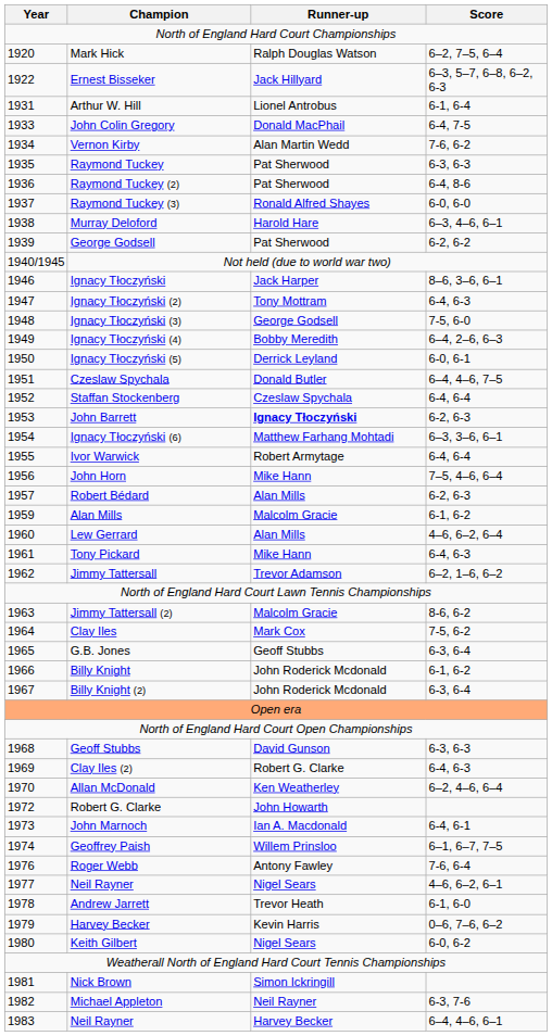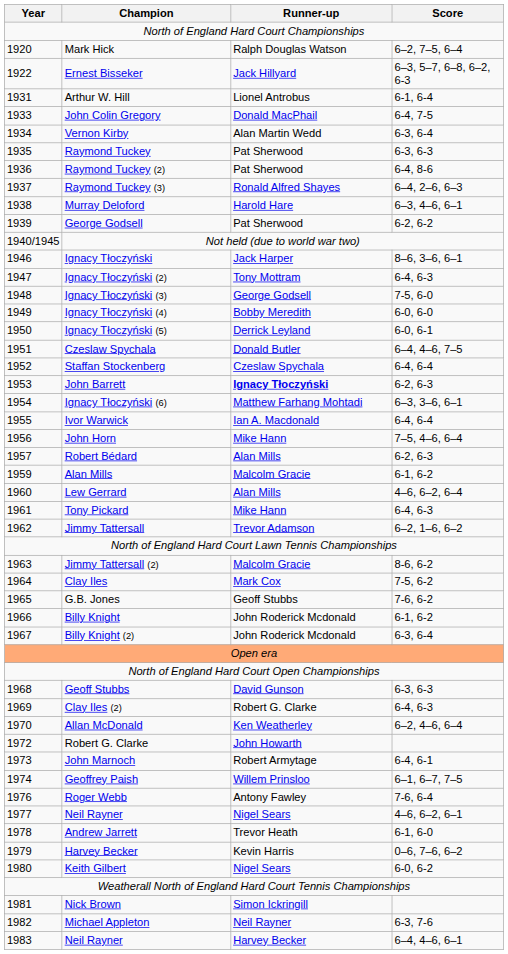 <table class=wikitable style=font-size:98%>
 <tr>
 <th width="30">Year</th>
 <th width="230">Champion</th>
 <th width="220">Runner-up</th>
 <th width="150">Score</th>
 </tr>
 <tr>
 <td colspan=4 align=center><em>North of England Hard Court Championships</em></td>
 </tr>
 <tr>
 <td>1920</td>
 <td> Mark Hick</td>
 <td> Ralph Douglas Watson</td>
 <td>6–2, 7–5, 6–4</td>
 </tr>
 <tr>
 <td>1922</td>
 <td> <a href='#'>Ernest Bisseker</a></td>
 <td> <a href='#'>Jack Hillyard</a></td>
 <td>6–3, 5–7, 6–8, 6–2, 6-3</td>
 </tr>
 <tr>
 <td>1931</td>
 <td> Arthur W. Hill</td>
 <td> Lionel Antrobus</td>
 <td>6-1, 6-4</td>
 </tr>
 <tr>
 <td>1933</td>
 <td> <a href='#'>John Colin Gregory</a></td>
 <td> <a href='#'>Donald MacPhail</a></td>
 <td>6-4, 7-5</td>
 </tr>
 <tr>
 <td>1934</td>
 <td> <a href='#'>Vernon Kirby</a></td>
 <td> Alan Martin Wedd</td>
-<td>7-6, 6-2</td>
+<td>6-3, 6-4</td>
 </tr>
 <tr>
 <td>1935</td>
 <td> <a href='#'>Raymond Tuckey</a></td>
 <td> Pat Sherwood</td>
 <td>6-3, 6-3</td>
 </tr>
 <tr>
 <td>1936</td>
 <td> <a href='#'>Raymond Tuckey</a> <small>(2)</small></td>
 <td> Pat Sherwood</td>
 <td>6-4, 8-6</td>
 </tr>
 <tr>
 <td>1937</td>
 <td> <a href='#'>Raymond Tuckey</a> <small>(3)</small></td>
 <td> <a href='#'>Ronald Alfred Shayes</a></td>
-<td>6-0, 6-0</td>
+<td>6–4, 2–6, 6–3</td>
 </tr>
 <tr>
 <td>1938</td>
 <td> <a href='#'>Murray Deloford</a></td>
 <td> <a href='#'>Harold Hare</a></td>
 <td>6–3, 4–6, 6–1</td>
 </tr>
 <tr>
 <td>1939</td>
 <td> <a href='#'>George Godsell</a></td>
 <td> Pat Sherwood</td>
 <td>6-2, 6-2</td>
 </tr>
 <tr>
 <td>1940/1945</td>
 <td colspan=4 align=center><em>Not held (due to world war two)</em></td>
 </tr>
 <tr>
 <td>1946</td>
 <td> <a href='#'>Ignacy Tłoczyński</a></td>
 <td> <a href='#'>Jack Harper</a></td>
 <td>8–6, 3–6, 6–1</td>
 </tr>
 <tr>
 <td>1947</td>
 <td> <a href='#'>Ignacy Tłoczyński</a> <small>(2)</small></td>
 <td> <a href='#'>Tony Mottram</a></td>
 <td>6-4, 6-3</td>
 </tr>
 <tr>
 <td>1948</td>
 <td> <a href='#'>Ignacy Tłoczyński</a> <small>(3)</small></td>
 <td> <a href='#'>George Godsell</a></td>
 <td>7-5, 6-0</td>
 </tr>
 <tr>
 <td>1949</td>
 <td> <a href='#'>Ignacy Tłoczyński</a> <small>(4)</small></td>
 <td> <a href='#'>Bobby Meredith</a></td>
-<td>6–4, 2–6, 6–3</td>
+<td>6-0, 6-0</td>
 </tr>
 <tr>
 <td>1950</td>
 <td> <a href='#'>Ignacy Tłoczyński</a> <small>(5)</small></td>
 <td> <a href='#'>Derrick Leyland</a></td>
 <td>6-0, 6-1</td>
 </tr>
 <tr>
 <td>1951</td>
 <td> <a href='#'>Czeslaw Spychala</a></td>
 <td> <a href='#'>Donald Butler</a></td>
 <td>6–4, 4–6, 7–5</td>
 </tr>
 <tr>
 <td>1952</td>
 <td> <a href='#'>Staffan Stockenberg</a></td>
 <td> <a href='#'>Czeslaw Spychala</a></td>
 <td>6-4, 6-4</td>
 </tr>
 <tr>
 <td>1953</td>
 <td> <a href='#'>John Barrett</a></td>
 <td><strong> <a href='#'>Ignacy Tłoczyński</a></strong></td>
 <td>6-2, 6-3</td>
 </tr>
 <tr>
 <td>1954</td>
 <td> <a href='#'>Ignacy Tłoczyński</a> <small>(6)</small></td>
 <td> <a href='#'>Matthew Farhang Mohtadi</a></td>
 <td>6–3, 3–6, 6–1</td>
 </tr>
 <tr>
 <td>1955</td>
 <td> <a href='#'>Ivor Warwick</a></td>
-<td> Robert Armytage</td>
+<td> <a href='#'>Ian A. Macdonald</a></td>
 <td>6-4, 6-4</td>
 </tr>
 <tr>
 <td>1956</td>
 <td> <a href='#'>John Horn</a></td>
 <td> <a href='#'>Mike Hann</a></td>
 <td>7–5, 4–6, 6–4</td>
 </tr>
 <tr>
 <td>1957</td>
 <td> <a href='#'>Robert Bédard</a></td>
 <td> <a href='#'>Alan Mills</a></td>
 <td>6-2, 6-3</td>
 </tr>
 <tr>
 <td>1959</td>
 <td> <a href='#'>Alan Mills</a></td>
 <td> <a href='#'>Malcolm Gracie</a></td>
 <td>6-1, 6-2</td>
 </tr>
 <tr>
 <td>1960</td>
 <td> <a href='#'>Lew Gerrard</a></td>
 <td> <a href='#'>Alan Mills</a></td>
 <td>4–6, 6–2, 6–4</td>
 </tr>
 <tr>
 <td>1961</td>
 <td>  <a href='#'>Tony Pickard</a></td>
 <td> <a href='#'>Mike Hann</a></td>
 <td>6-4, 6-3</td>
 </tr>
 <tr>
 <td>1962</td>
 <td> <a href='#'>Jimmy Tattersall</a></td>
 <td> <a href='#'>Trevor Adamson</a></td>
 <td>6–2, 1–6, 6–2</td>
 </tr>
 <tr>
 <td colspan=4 align=center><em>North of England Hard Court Lawn Tennis Championships</em></td>
 </tr>
 <tr>
 <td>1963</td>
 <td> <a href='#'>Jimmy Tattersall</a> <small>(2)</small></td>
 <td> <a href='#'>Malcolm Gracie</a></td>
 <td>8-6, 6-2</td>
 </tr>
 <tr>
 <td>1964</td>
 <td> <a href='#'>Clay Iles</a></td>
 <td> <a href='#'>Mark Cox</a></td>
 <td>7-5, 6-2</td>
 </tr>
 <tr>
 <td>1965</td>
 <td> G.B. Jones</td>
 <td> Geoff Stubbs</td>
-<td>6-3, 6-4</td>
+<td>7-6, 6-2</td>
 </tr>
 <tr>
 <td>1966</td>
 <td> <a href='#'>Billy Knight</a></td>
 <td> John Roderick Mcdonald</td>
 <td>6-1, 6-2</td>
 </tr>
 <tr>
 <td>1967</td>
 <td> <a href='#'>Billy Knight</a> <small>(2)</small></td>
 <td> John Roderick Mcdonald</td>
 <td>6-3, 6-4</td>
 </tr>
 <tr style=background-color:#ffaa77>
 <td colspan=4 align=center><em>Open era </em></td>
 </tr>
 <tr>
 <td colspan=4 align=center><em>North of England Hard Court Open Championships</em></td>
 </tr>
 <tr>
 <td>1968</td>
 <td> <a href='#'>Geoff Stubbs</a></td>
 <td> <a href='#'>David Gunson</a></td>
 <td>6-3, 6-3</td>
 </tr>
 <tr>
 <td>1969</td>
 <td> <a href='#'>Clay Iles</a> <small>(2)</small></td>
 <td> Robert G. Clarke</td>
 <td>6-4, 6-3</td>
 </tr>
 <tr>
 <td>1970</td>
 <td> <a href='#'>Allan McDonald</a></td>
 <td> <a href='#'>Ken Weatherley</a></td>
 <td>6–2, 4–6, 6–4</td>
 </tr>
 <tr>
 <td>1972</td>
 <td>  Robert G. Clarke</td>
 <td> <a href='#'>John Howarth</a></td>
 <td></td>
 </tr>
 <tr>
 <td>1973</td>
 <td> <a href='#'>John Marnoch</a></td>
-<td> <a href='#'>Ian A. Macdonald</a></td>
+<td> Robert Armytage</td>
 <td>6-4, 6-1</td>
 </tr>
 <tr>
 <td>1974</td>
 <td> <a href='#'>Geoffrey Paish</a></td>
 <td> <a href='#'>Willem Prinsloo</a></td>
 <td>6–1, 6–7, 7–5</td>
 </tr>
 <tr>
 <td>1976</td>
 <td> <a href='#'>Roger Webb</a></td>
 <td> Antony Fawley</td>
 <td>7-6, 6-4</td>
 </tr>
 <tr>
 <td>1977</td>
 <td> <a href='#'>Neil Rayner</a></td>
 <td> <a href='#'>Nigel Sears</a></td>
 <td>4–6, 6–2, 6–1</td>
 </tr>
 <tr>
 <td>1978</td>
 <td> <a href='#'>Andrew Jarrett</a></td>
 <td> Trevor Heath</td>
 <td>6-1, 6-0</td>
 </tr>
 <tr>
 <td>1979</td>
 <td> <a href='#'>Harvey Becker</a></td>
 <td> Kevin Harris</td>
 <td>0–6, 7–6, 6–2</td>
 </tr>
 <tr>
 <td>1980</td>
 <td> <a href='#'>Keith Gilbert</a></td>
 <td> <a href='#'>Nigel Sears</a></td>
 <td>6-0, 6-2</td>
 </tr>
 <tr>
 <td colspan=4 align=center><em>Weatherall North of England Hard Court Tennis Championships </em></td>
 </tr>
 <tr>
 <td>1981</td>
 <td> <a href='#'>Nick Brown</a></td>
 <td> <a href='#'>Simon Ickringill</a></td>
 <td></td>
 </tr>
 <tr>
 <td>1982</td>
 <td> <a href='#'>Michael Appleton</a></td>
 <td> <a href='#'>Neil Rayner</a></td>
 <td>6-3, 7-6</td>
 </tr>
 <tr>
 <td>1983</td>
 <td> <a href='#'>Neil Rayner</a></td>
 <td> <a href='#'>Harvey Becker</a></td>
 <td>6–4, 4–6, 6–1</td>
 </tr>
 </table>
